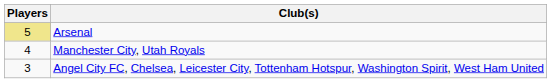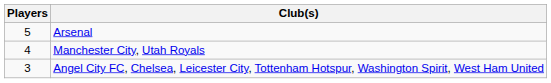 <table class="wikitable">
 <tr>
 <th>Players</th>
 <th>Club(s)</th>
 </tr>
 <tr>
-<td align="center" style="background: khaki;">5</td>
+<td align="center">5</td>
 <td> <a href='#'>Arsenal</a></td>
 </tr>
 <tr>
 <td align="center">4</td>
 <td> <a href='#'>Manchester City</a>,  <a href='#'>Utah Royals</a></td>
 </tr>
 <tr>
 <td align="center">3</td>
 <td> <a href='#'>Angel City FC</a>,  <a href='#'>Chelsea</a>,  <a href='#'>Leicester City</a>,  <a href='#'>Tottenham Hotspur</a>,  <a href='#'>Washington Spirit</a>,  <a href='#'>West Ham United</a></td>
 </tr>
 </table>
